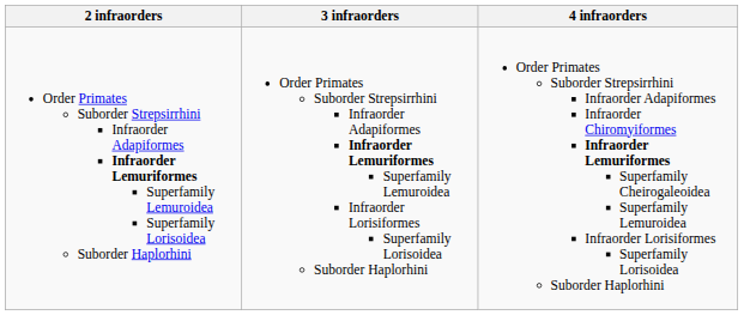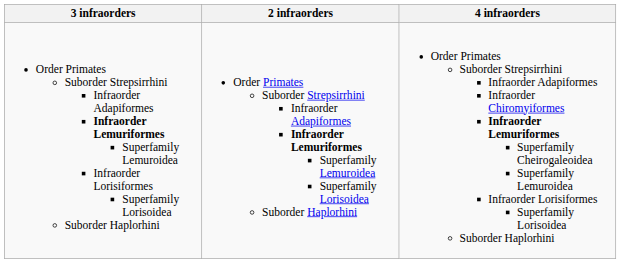 <table class="wikitable" style="margin: 1em auto 1em auto" border="1" width="850pt">
 <tr>
+<th>3 infraorders</th>
 <th>2 infraorders</th>
-<th>3 infraorders</th>
 <th>4 infraorders</th>
 </tr>
 <tr>
+<td><br><ul><li>Order Primates<ul><li>Suborder Strepsirrhini<ul><li>Infraorder Adapiformes</li><li><strong>Infraorder Lemuriformes</strong><ul><li>Superfamily Lemuroidea</li></ul></li><li>Infraorder Lorisiformes<ul><li>Superfamily Lorisoidea</li></ul></li></ul></li><li>Suborder Haplorhini</li></ul></li></ul></td>
 <td><br><ul><li>Order <a href='#'>Primates</a><ul><li>Suborder <a href='#'>Strepsirrhini</a><ul><li>Infraorder <a href='#'>Adapiformes</a></li><li><strong>Infraorder Lemuriformes</strong><ul><li>Superfamily <a href='#'>Lemuroidea</a></li><li>Superfamily <a href='#'>Lorisoidea</a></li></ul></li></ul></li><li>Suborder <a href='#'>Haplorhini</a></li></ul></li></ul></td>
-<td><br><ul><li>Order Primates<ul><li>Suborder Strepsirrhini<ul><li>Infraorder Adapiformes</li><li><strong>Infraorder Lemuriformes</strong><ul><li>Superfamily Lemuroidea</li></ul></li><li>Infraorder Lorisiformes<ul><li>Superfamily Lorisoidea</li></ul></li></ul></li><li>Suborder Haplorhini</li></ul></li></ul></td>
 <td><br><ul><li>Order Primates<ul><li>Suborder Strepsirrhini<ul><li>Infraorder Adapiformes</li><li>Infraorder <a href='#'>Chiromyiformes</a></li><li><strong>Infraorder Lemuriformes</strong><ul><li>Superfamily Cheirogaleoidea</li><li>Superfamily Lemuroidea</li></ul></li><li>Infraorder Lorisiformes<ul><li>Superfamily Lorisoidea</li></ul></li></ul></li><li>Suborder Haplorhini</li></ul></li></ul></td>
 </tr>
 </table>
